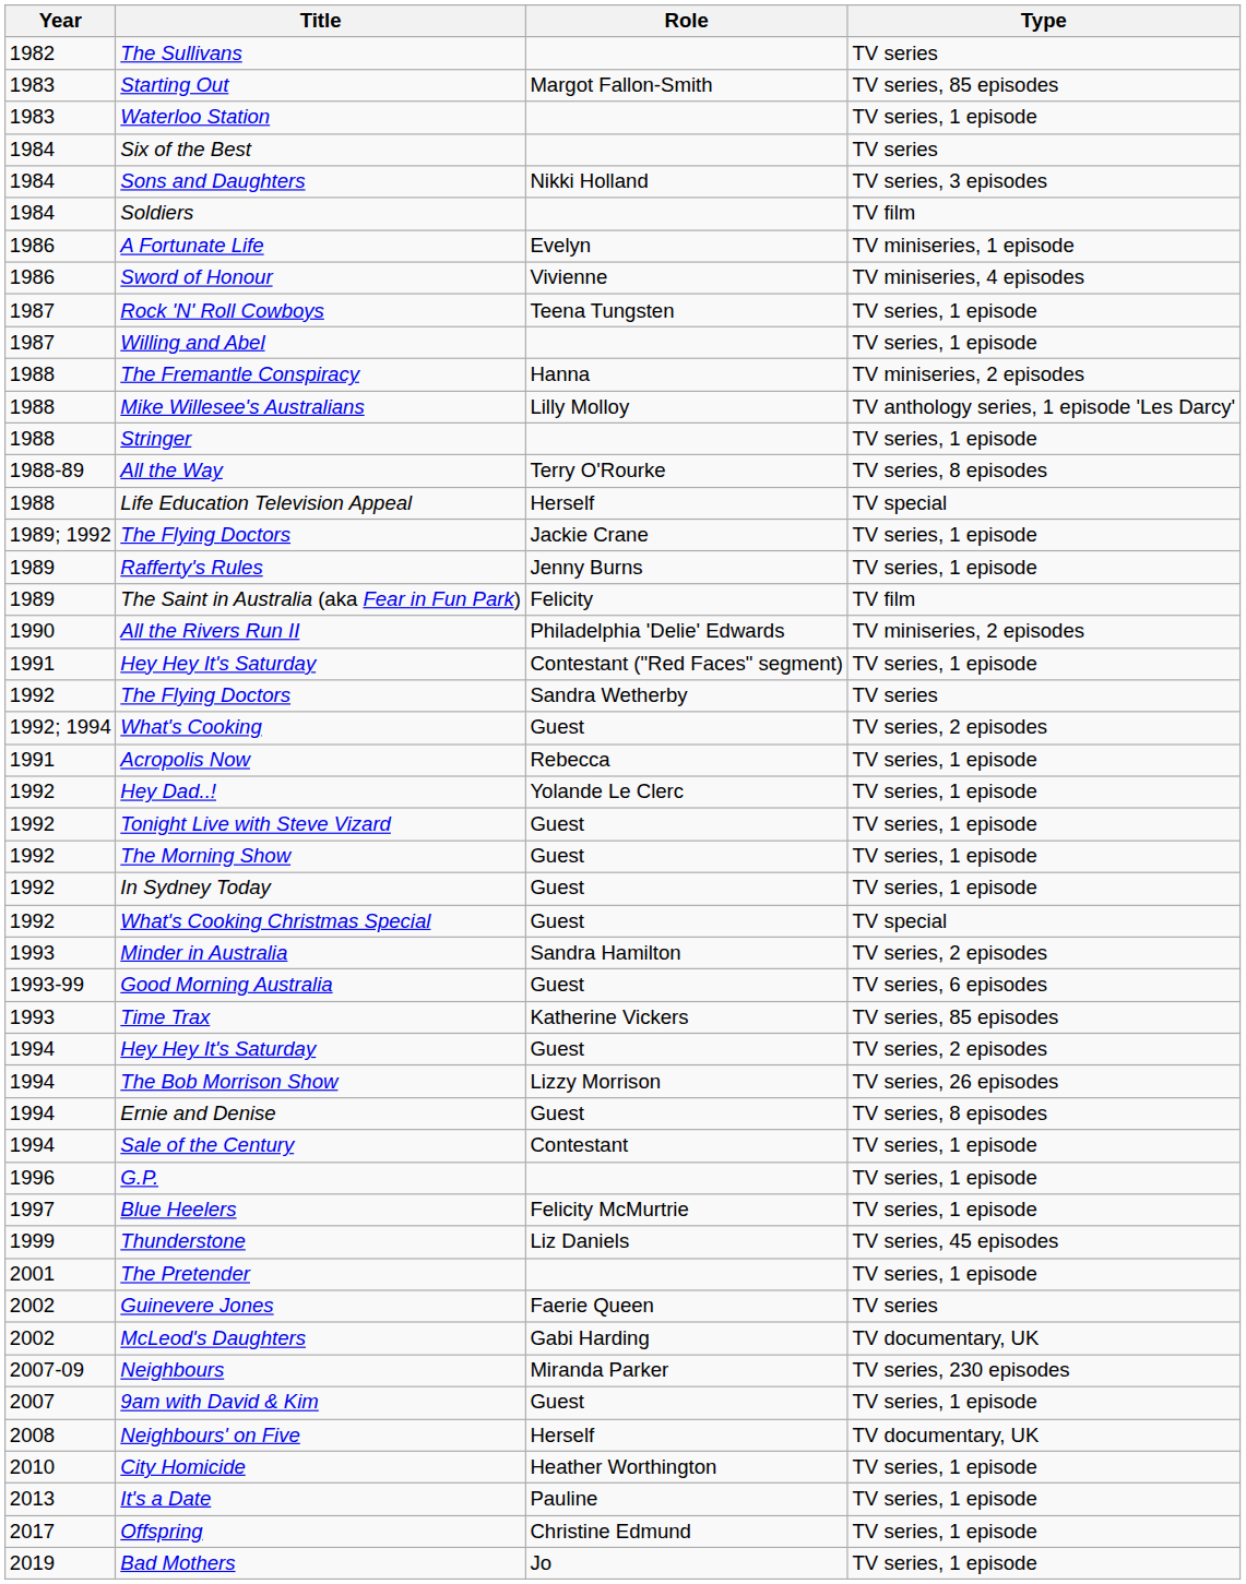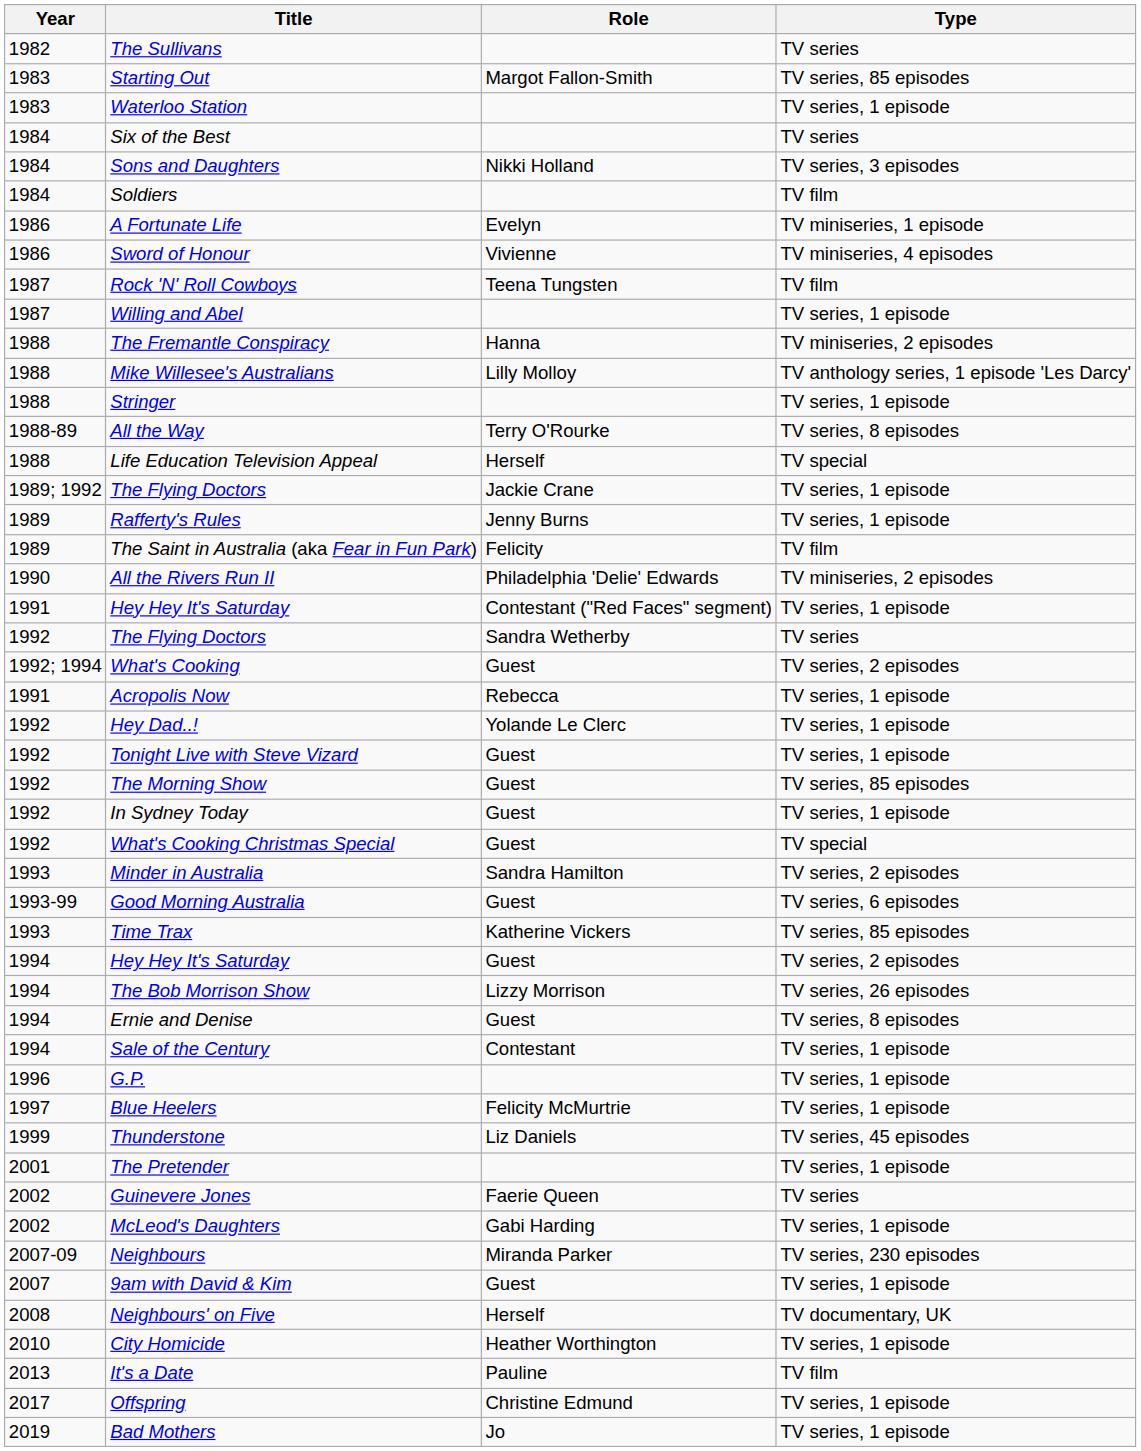 <table class="wikitable">
 <tr>
 <th>Year</th>
 <th>Title</th>
 <th>Role</th>
 <th>Type</th>
 </tr>
 <tr>
 <td>1982</td>
 <td><em><a href='#'>The Sullivans</a></em></td>
 <td></td>
 <td>TV series</td>
 </tr>
 <tr>
 <td>1983</td>
 <td><em><a href='#'>Starting Out</a></em></td>
 <td>Margot Fallon-Smith</td>
 <td>TV series, 85 episodes</td>
 </tr>
 <tr>
 <td>1983</td>
 <td><em><a href='#'>Waterloo Station</a></em></td>
 <td></td>
 <td>TV series, 1 episode</td>
 </tr>
 <tr>
 <td>1984</td>
 <td><em>Six of the Best</em></td>
 <td></td>
 <td>TV series</td>
 </tr>
 <tr>
 <td>1984</td>
 <td><em><a href='#'>Sons and Daughters</a></em></td>
 <td>Nikki Holland</td>
 <td>TV series, 3 episodes</td>
 </tr>
 <tr>
 <td>1984</td>
 <td><em>Soldiers</em></td>
 <td></td>
 <td>TV film</td>
 </tr>
 <tr>
 <td>1986</td>
 <td><em><a href='#'>A Fortunate Life</a></em></td>
 <td>Evelyn</td>
 <td>TV miniseries, 1 episode</td>
 </tr>
 <tr>
 <td>1986</td>
 <td><em><a href='#'>Sword of Honour</a></em></td>
 <td>Vivienne</td>
 <td>TV miniseries, 4 episodes</td>
 </tr>
 <tr>
 <td>1987</td>
 <td><em><a href='#'>Rock 'N' Roll Cowboys</a></em></td>
 <td>Teena Tungsten</td>
-<td>TV series, 1 episode</td>
+<td>TV film</td>
 </tr>
 <tr>
 <td>1987</td>
 <td><em><a href='#'>Willing and Abel</a></em></td>
 <td></td>
 <td>TV series, 1 episode</td>
 </tr>
 <tr>
 <td>1988</td>
 <td><em><a href='#'>The Fremantle Conspiracy</a></em></td>
 <td>Hanna</td>
 <td>TV miniseries, 2 episodes</td>
 </tr>
 <tr>
 <td>1988</td>
 <td><em><a href='#'>Mike Willesee's Australians</a></em></td>
 <td>Lilly Molloy</td>
 <td>TV anthology series, 1 episode 'Les Darcy'</td>
 </tr>
 <tr>
 <td>1988</td>
 <td><em><a href='#'>Stringer</a></em></td>
 <td></td>
 <td>TV series, 1 episode</td>
 </tr>
 <tr>
 <td>1988-89</td>
 <td><em><a href='#'>All the Way</a></em></td>
 <td>Terry O'Rourke</td>
 <td>TV series, 8 episodes</td>
 </tr>
 <tr>
 <td>1988</td>
 <td><em>Life Education Television Appeal</em></td>
 <td>Herself</td>
 <td>TV special</td>
 </tr>
 <tr>
 <td>1989; 1992</td>
 <td><em><a href='#'>The Flying Doctors</a></em></td>
 <td>Jackie Crane</td>
 <td>TV series, 1 episode</td>
 </tr>
 <tr>
 <td>1989</td>
 <td><em><a href='#'>Rafferty's Rules</a></em></td>
 <td>Jenny Burns</td>
 <td>TV series, 1 episode</td>
 </tr>
 <tr>
 <td>1989</td>
 <td><em>The Saint in Australia</em> (aka <em><a href='#'>Fear in Fun Park</a></em>)</td>
 <td>Felicity</td>
 <td>TV film</td>
 </tr>
 <tr>
 <td>1990</td>
 <td><em><a href='#'>All the Rivers Run II</a></em></td>
 <td>Philadelphia 'Delie' Edwards</td>
 <td>TV miniseries, 2 episodes</td>
 </tr>
 <tr>
 <td>1991</td>
 <td><em><a href='#'>Hey Hey It's Saturday</a></em></td>
 <td>Contestant ("Red Faces" segment)</td>
 <td>TV series, 1 episode</td>
 </tr>
 <tr>
 <td>1992</td>
 <td><em><a href='#'>The Flying Doctors</a></em></td>
 <td>Sandra Wetherby</td>
 <td>TV series</td>
 </tr>
 <tr>
 <td>1992; 1994</td>
 <td><em><a href='#'>What's Cooking</a></em></td>
 <td>Guest</td>
 <td>TV series, 2 episodes</td>
 </tr>
 <tr>
 <td>1991</td>
 <td><em><a href='#'>Acropolis Now</a></em></td>
 <td>Rebecca</td>
 <td>TV series, 1 episode</td>
 </tr>
 <tr>
 <td>1992</td>
 <td><em><a href='#'>Hey Dad..!</a></em></td>
 <td>Yolande Le Clerc</td>
 <td>TV series, 1 episode</td>
 </tr>
 <tr>
 <td>1992</td>
 <td><em><a href='#'>Tonight Live with Steve Vizard</a></em></td>
 <td>Guest</td>
 <td>TV series, 1 episode</td>
 </tr>
 <tr>
 <td>1992</td>
 <td><em><a href='#'>The Morning Show</a></em></td>
 <td>Guest</td>
-<td>TV series, 1 episode</td>
+<td>TV series, 85 episodes</td>
 </tr>
 <tr>
 <td>1992</td>
 <td><em>In Sydney Today</em></td>
 <td>Guest</td>
 <td>TV series, 1 episode</td>
 </tr>
 <tr>
 <td>1992</td>
 <td><em><a href='#'>What's Cooking Christmas Special</a></em></td>
 <td>Guest</td>
 <td>TV special</td>
 </tr>
 <tr>
 <td>1993</td>
 <td><em><a href='#'>Minder in Australia</a></em></td>
 <td>Sandra Hamilton</td>
 <td>TV series, 2 episodes</td>
 </tr>
 <tr>
 <td>1993-99</td>
 <td><em><a href='#'>Good Morning Australia</a></em></td>
 <td>Guest</td>
 <td>TV series, 6 episodes</td>
 </tr>
 <tr>
 <td>1993</td>
 <td><em><a href='#'>Time Trax</a></em></td>
 <td>Katherine Vickers</td>
 <td>TV series, 85 episodes</td>
 </tr>
 <tr>
 <td>1994</td>
 <td><em><a href='#'>Hey Hey It's Saturday</a></em></td>
 <td>Guest</td>
 <td>TV series, 2 episodes</td>
 </tr>
 <tr>
 <td>1994</td>
 <td><em><a href='#'>The Bob Morrison Show</a></em></td>
 <td>Lizzy Morrison</td>
 <td>TV series, 26 episodes</td>
 </tr>
 <tr>
 <td>1994</td>
 <td><em>Ernie and Denise</em></td>
 <td>Guest</td>
 <td>TV series, 8 episodes</td>
 </tr>
 <tr>
 <td>1994</td>
 <td><em><a href='#'>Sale of the Century</a></em></td>
 <td>Contestant</td>
 <td>TV series, 1 episode</td>
 </tr>
 <tr>
 <td>1996</td>
 <td><em><a href='#'>G.P.</a></em></td>
 <td></td>
 <td>TV series, 1 episode</td>
 </tr>
 <tr>
 <td>1997</td>
 <td><em><a href='#'>Blue Heelers</a></em></td>
 <td>Felicity McMurtrie</td>
 <td>TV series, 1 episode</td>
 </tr>
 <tr>
 <td>1999</td>
 <td><em><a href='#'>Thunderstone</a></em></td>
 <td>Liz Daniels</td>
 <td>TV series, 45 episodes</td>
 </tr>
 <tr>
 <td>2001</td>
 <td><em><a href='#'>The Pretender</a></em></td>
 <td></td>
 <td>TV series, 1 episode</td>
 </tr>
 <tr>
 <td>2002</td>
 <td><em><a href='#'>Guinevere Jones</a></em></td>
 <td>Faerie Queen</td>
 <td>TV series</td>
 </tr>
 <tr>
 <td>2002</td>
 <td><em><a href='#'>McLeod's Daughters</a></em></td>
 <td>Gabi Harding</td>
-<td>TV documentary, UK</td>
+<td>TV series, 1 episode</td>
 </tr>
 <tr>
 <td>2007-09</td>
 <td><em><a href='#'>Neighbours</a></em></td>
 <td>Miranda Parker</td>
 <td>TV series, 230 episodes</td>
 </tr>
 <tr>
 <td>2007</td>
 <td><em><a href='#'>9am with David & Kim</a></em></td>
 <td>Guest</td>
 <td>TV series, 1 episode</td>
 </tr>
 <tr>
 <td>2008</td>
 <td><em><a href='#'>Neighbours' on Five</a></em></td>
 <td>Herself</td>
 <td>TV documentary, UK</td>
 </tr>
 <tr>
 <td>2010</td>
 <td><em><a href='#'>City Homicide</a></em></td>
 <td>Heather Worthington</td>
 <td>TV series, 1 episode</td>
 </tr>
 <tr>
 <td>2013</td>
 <td><em><a href='#'>It's a Date</a></em></td>
 <td>Pauline</td>
-<td>TV series, 1 episode</td>
+<td>TV film</td>
 </tr>
 <tr>
 <td>2017</td>
 <td><em><a href='#'>Offspring</a></em></td>
 <td>Christine Edmund</td>
 <td>TV series, 1 episode</td>
 </tr>
 <tr>
 <td>2019</td>
 <td><em><a href='#'>Bad Mothers</a></em></td>
 <td>Jo</td>
 <td>TV series, 1 episode</td>
 </tr>
 </table>
